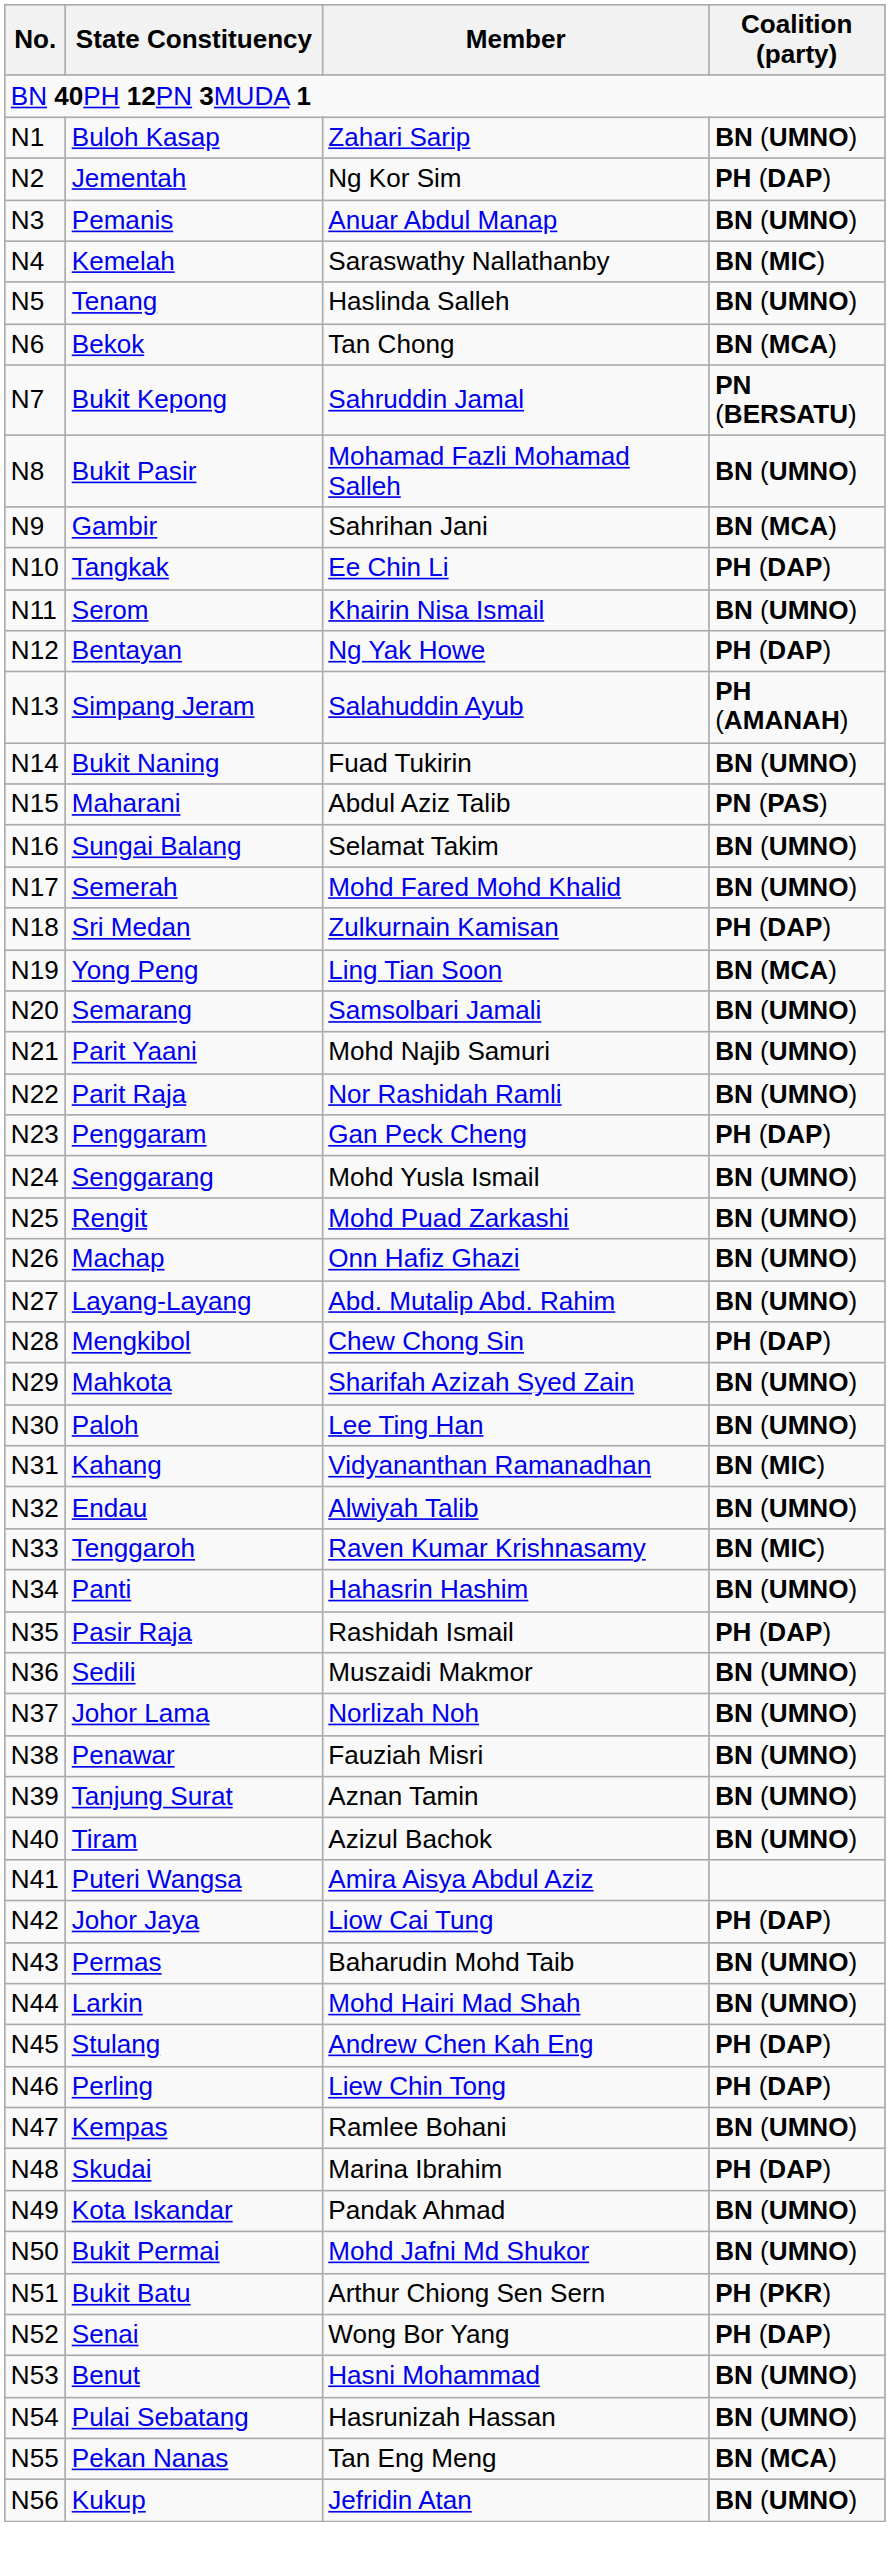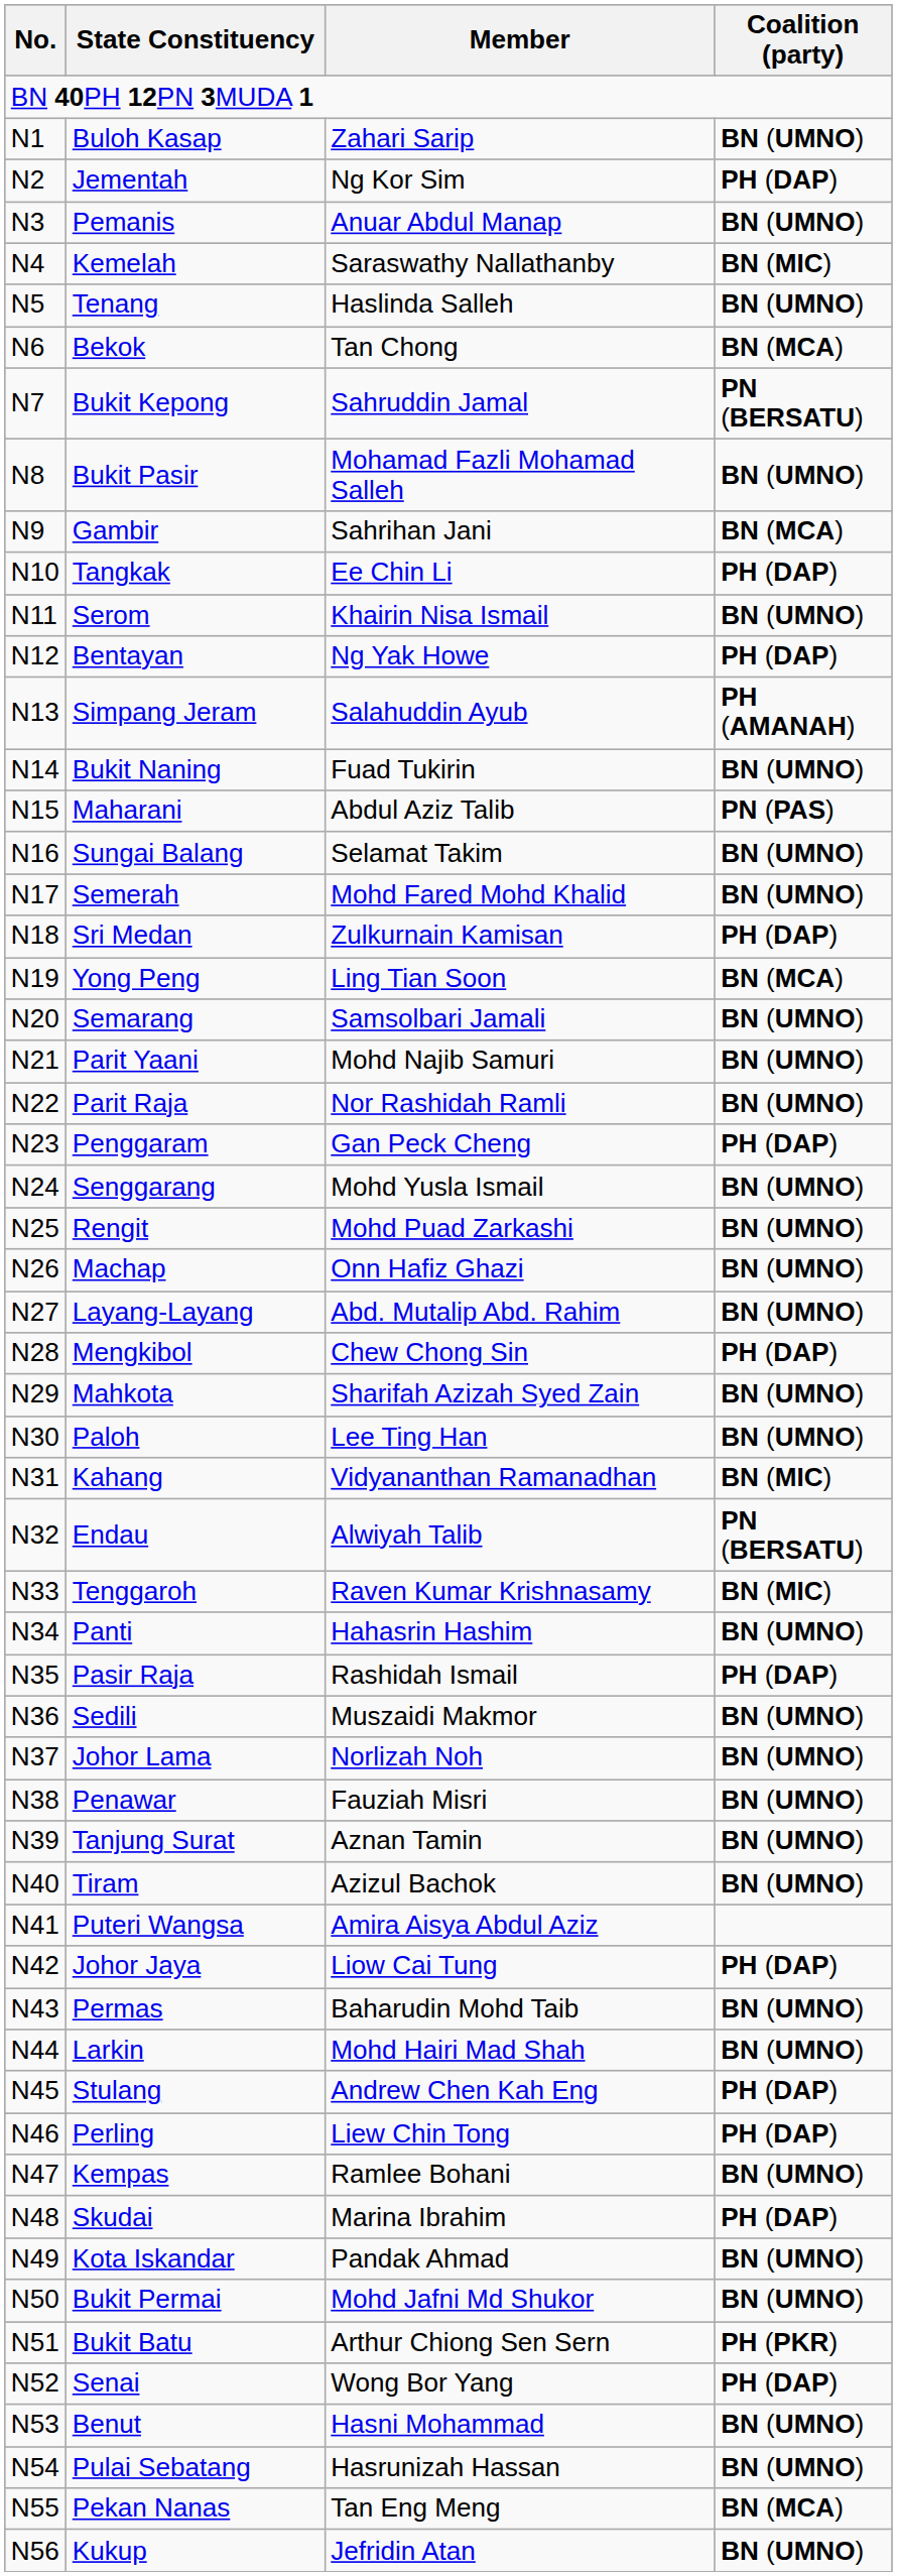 <table class="wikitable sortable">
 <tr>
 <th style="width:30px;">No.</th>
 <th style="width:150px;">State Constituency</th>
 <th style="width:230px;">Member</th>
 <th style="width:100px;">Coalition (party)</th>
 </tr>
 <tr>
 <td colspan="4"><a href='#'>BN</a> <strong>40</strong><a href='#'>PH</a> <strong>12</strong><a href='#'>PN</a> <strong>3</strong><a href='#'>MUDA</a> <strong>1</strong></td>
 </tr>
 <tr>
 <td>N1</td>
 <td><a href='#'>Buloh Kasap</a></td>
 <td><a href='#'>Zahari Sarip</a></td>
 <td style="background:"><strong>BN</strong> (<strong>UMNO</strong>)</td>
 </tr>
 <tr>
 <td>N2</td>
 <td><a href='#'>Jementah</a></td>
 <td>Ng Kor Sim</td>
 <td style="background:"><strong>PH</strong> (<strong>DAP</strong>)</td>
 </tr>
 <tr>
 <td>N3</td>
 <td><a href='#'>Pemanis</a></td>
 <td><a href='#'>Anuar Abdul Manap</a></td>
 <td style="background:"><strong>BN</strong> (<strong>UMNO</strong>)</td>
 </tr>
 <tr>
 <td>N4</td>
 <td><a href='#'>Kemelah</a></td>
 <td>Saraswathy Nallathanby</td>
 <td style="background:"><strong>BN</strong> (<strong>MIC</strong>)</td>
 </tr>
 <tr>
 <td>N5</td>
 <td><a href='#'>Tenang</a></td>
 <td>Haslinda Salleh</td>
 <td style="background:"><strong>BN</strong> (<strong>UMNO</strong>)</td>
 </tr>
 <tr>
 <td>N6</td>
 <td><a href='#'>Bekok</a></td>
 <td>Tan Chong</td>
 <td style="background:"><strong>BN</strong> (<strong>MCA</strong>)</td>
 </tr>
 <tr>
 <td>N7</td>
 <td><a href='#'>Bukit Kepong</a></td>
 <td><a href='#'>Sahruddin Jamal</a></td>
 <td style="background:"><strong>PN</strong> (<strong>BERSATU</strong>)</td>
 </tr>
 <tr>
 <td>N8</td>
 <td><a href='#'>Bukit Pasir</a></td>
 <td><a href='#'>Mohamad Fazli Mohamad Salleh</a></td>
 <td style="background:"><strong>BN</strong> (<strong>UMNO</strong>)</td>
 </tr>
 <tr>
 <td>N9</td>
 <td><a href='#'>Gambir</a></td>
 <td>Sahrihan Jani</td>
 <td style="background:"><strong>BN</strong> (<strong>MCA</strong>)</td>
 </tr>
 <tr>
 <td>N10</td>
 <td><a href='#'>Tangkak</a></td>
 <td><a href='#'>Ee Chin Li</a></td>
 <td style="background:"><strong>PH</strong> (<strong>DAP</strong>)</td>
 </tr>
 <tr>
 <td>N11</td>
 <td><a href='#'>Serom</a></td>
 <td><a href='#'>Khairin Nisa Ismail</a></td>
 <td style="background:"><strong>BN</strong> (<strong>UMNO</strong>)</td>
 </tr>
 <tr>
 <td>N12</td>
 <td><a href='#'>Bentayan</a></td>
 <td><a href='#'>Ng Yak Howe</a></td>
 <td style="background:"><strong>PH</strong> (<strong>DAP</strong>)</td>
 </tr>
 <tr>
 <td>N13</td>
 <td><a href='#'>Simpang Jeram</a></td>
 <td><a href='#'>Salahuddin Ayub</a></td>
 <td style="background:"><strong>PH</strong> (<strong>AMANAH</strong>)</td>
 </tr>
 <tr>
 <td>N14</td>
 <td><a href='#'>Bukit Naning</a></td>
 <td>Fuad Tukirin</td>
 <td style="background:"><strong>BN</strong> (<strong>UMNO</strong>)</td>
 </tr>
 <tr>
 <td>N15</td>
 <td><a href='#'>Maharani</a></td>
 <td>Abdul Aziz Talib</td>
 <td style="background:"><strong>PN</strong> (<strong>PAS</strong>)</td>
 </tr>
 <tr>
 <td>N16</td>
 <td><a href='#'>Sungai Balang</a></td>
 <td>Selamat Takim</td>
 <td style="background:"><strong>BN</strong> (<strong>UMNO</strong>)</td>
 </tr>
 <tr>
 <td>N17</td>
 <td><a href='#'>Semerah</a></td>
 <td><a href='#'>Mohd Fared Mohd Khalid</a></td>
 <td style="background:"><strong>BN</strong> (<strong>UMNO</strong>)</td>
 </tr>
 <tr>
 <td>N18</td>
 <td><a href='#'>Sri Medan</a></td>
 <td><a href='#'>Zulkurnain Kamisan</a></td>
 <td style="background:"><strong>PH</strong> (<strong>DAP</strong>)</td>
 </tr>
 <tr>
 <td>N19</td>
 <td><a href='#'>Yong Peng</a></td>
 <td><a href='#'>Ling Tian Soon</a></td>
 <td style="background:"><strong>BN</strong> (<strong>MCA</strong>)</td>
 </tr>
 <tr>
 <td>N20</td>
 <td><a href='#'>Semarang</a></td>
 <td><a href='#'>Samsolbari Jamali</a></td>
 <td style="background:"><strong>BN</strong> (<strong>UMNO</strong>)</td>
 </tr>
 <tr>
 <td>N21</td>
 <td><a href='#'>Parit Yaani</a></td>
 <td>Mohd Najib Samuri</td>
 <td style="background:"><strong>BN</strong> (<strong>UMNO</strong>)</td>
 </tr>
 <tr>
 <td>N22</td>
 <td><a href='#'>Parit Raja</a></td>
 <td><a href='#'>Nor Rashidah Ramli</a></td>
 <td style="background:"><strong>BN</strong> (<strong>UMNO</strong>)</td>
 </tr>
 <tr>
 <td>N23</td>
 <td><a href='#'>Penggaram</a></td>
 <td><a href='#'>Gan Peck Cheng</a></td>
 <td style="background:"><strong>PH</strong> (<strong>DAP</strong>)</td>
 </tr>
 <tr>
 <td>N24</td>
 <td><a href='#'>Senggarang</a></td>
 <td>Mohd Yusla Ismail</td>
 <td style="background:"><strong>BN</strong> (<strong>UMNO</strong>)</td>
 </tr>
 <tr>
 <td>N25</td>
 <td><a href='#'>Rengit</a></td>
 <td><a href='#'>Mohd Puad Zarkashi</a></td>
 <td style="background:"><strong>BN</strong> (<strong>UMNO</strong>)</td>
 </tr>
 <tr>
 <td>N26</td>
 <td><a href='#'>Machap</a></td>
 <td><a href='#'>Onn Hafiz Ghazi</a></td>
 <td style="background:"><strong>BN</strong> (<strong>UMNO</strong>)</td>
 </tr>
 <tr>
 <td>N27</td>
 <td><a href='#'>Layang-Layang</a></td>
 <td><a href='#'>Abd. Mutalip Abd. Rahim</a></td>
 <td style="background:"><strong>BN</strong> (<strong>UMNO</strong>)</td>
 </tr>
 <tr>
 <td>N28</td>
 <td><a href='#'>Mengkibol</a></td>
 <td><a href='#'>Chew Chong Sin</a></td>
 <td style="background:"><strong>PH</strong> (<strong>DAP</strong>)</td>
 </tr>
 <tr>
 <td>N29</td>
 <td><a href='#'>Mahkota</a></td>
 <td><a href='#'>Sharifah Azizah Syed Zain</a></td>
 <td style="background:"><strong>BN</strong> (<strong>UMNO</strong>)</td>
 </tr>
 <tr>
 <td>N30</td>
 <td><a href='#'>Paloh</a></td>
 <td><a href='#'>Lee Ting Han</a></td>
 <td style="background:"><strong>BN</strong> (<strong>UMNO</strong>)</td>
 </tr>
 <tr>
 <td>N31</td>
 <td><a href='#'>Kahang</a></td>
 <td><a href='#'>Vidyananthan Ramanadhan</a></td>
 <td style="background:"><strong>BN</strong> (<strong>MIC</strong>)</td>
 </tr>
 <tr>
 <td>N32</td>
 <td><a href='#'>Endau</a></td>
 <td><a href='#'>Alwiyah Talib</a></td>
-<td style="background:"><strong>BN</strong> (<strong>UMNO</strong>)</td>
+<td style="background:"><strong>PN</strong> (<strong>BERSATU</strong>)</td>
 </tr>
 <tr>
 <td>N33</td>
 <td><a href='#'>Tenggaroh</a></td>
 <td><a href='#'>Raven Kumar Krishnasamy</a></td>
 <td style="background:"><strong>BN</strong> (<strong>MIC</strong>)</td>
 </tr>
 <tr>
 <td>N34</td>
 <td><a href='#'>Panti</a></td>
 <td><a href='#'>Hahasrin Hashim</a></td>
 <td style="background:"><strong>BN</strong> (<strong>UMNO</strong>)</td>
 </tr>
 <tr>
 <td>N35</td>
 <td><a href='#'>Pasir Raja</a></td>
 <td>Rashidah Ismail</td>
 <td style="background:"><strong>PH</strong> (<strong>DAP</strong>)</td>
 </tr>
 <tr>
 <td>N36</td>
 <td><a href='#'>Sedili</a></td>
 <td>Muszaidi Makmor</td>
 <td style="background:"><strong>BN</strong> (<strong>UMNO</strong>)</td>
 </tr>
 <tr>
 <td>N37</td>
 <td><a href='#'>Johor Lama</a></td>
 <td><a href='#'>Norlizah Noh</a></td>
 <td style="background:"><strong>BN</strong> (<strong>UMNO</strong>)</td>
 </tr>
 <tr>
 <td>N38</td>
 <td><a href='#'>Penawar</a></td>
 <td>Fauziah Misri</td>
 <td style="background:"><strong>BN</strong> (<strong>UMNO</strong>)</td>
 </tr>
 <tr>
 <td>N39</td>
 <td><a href='#'>Tanjung Surat</a></td>
 <td>Aznan Tamin</td>
 <td style="background:"><strong>BN</strong> (<strong>UMNO</strong>)</td>
 </tr>
 <tr>
 <td>N40</td>
 <td><a href='#'>Tiram</a></td>
 <td>Azizul Bachok</td>
 <td style="background:"><strong>BN</strong> (<strong>UMNO</strong>)</td>
 </tr>
 <tr>
 <td>N41</td>
 <td><a href='#'>Puteri Wangsa</a></td>
 <td><a href='#'>Amira Aisya Abdul Aziz</a></td>
 <td style="background:"></td>
 </tr>
 <tr>
 <td>N42</td>
 <td><a href='#'>Johor Jaya</a></td>
 <td><a href='#'>Liow Cai Tung</a></td>
 <td style="background:"><strong>PH</strong> (<strong>DAP</strong>)</td>
 </tr>
 <tr>
 <td>N43</td>
 <td><a href='#'>Permas</a></td>
 <td>Baharudin Mohd Taib</td>
 <td style="background:"><strong>BN</strong> (<strong>UMNO</strong>)</td>
 </tr>
 <tr>
 <td>N44</td>
 <td><a href='#'>Larkin</a></td>
 <td><a href='#'>Mohd Hairi Mad Shah</a></td>
 <td style="background:"><strong>BN</strong> (<strong>UMNO</strong>)</td>
 </tr>
 <tr>
 <td>N45</td>
 <td><a href='#'>Stulang</a></td>
 <td><a href='#'>Andrew Chen Kah Eng</a></td>
 <td style="background:"><strong>PH</strong> (<strong>DAP</strong>)</td>
 </tr>
 <tr>
 <td>N46</td>
 <td><a href='#'>Perling</a></td>
 <td><a href='#'>Liew Chin Tong</a></td>
 <td style="background:"><strong>PH</strong> (<strong>DAP</strong>)</td>
 </tr>
 <tr>
 <td>N47</td>
 <td><a href='#'>Kempas</a></td>
 <td>Ramlee Bohani</td>
 <td style="background:"><strong>BN</strong> (<strong>UMNO</strong>)</td>
 </tr>
 <tr>
 <td>N48</td>
 <td><a href='#'>Skudai</a></td>
 <td>Marina Ibrahim</td>
 <td style="background:"><strong>PH</strong> (<strong>DAP</strong>)</td>
 </tr>
 <tr>
 <td>N49</td>
 <td><a href='#'>Kota Iskandar</a></td>
 <td>Pandak Ahmad</td>
 <td style="background:"><strong>BN</strong> (<strong>UMNO</strong>)</td>
 </tr>
 <tr>
 <td>N50</td>
 <td><a href='#'>Bukit Permai</a></td>
 <td><a href='#'>Mohd Jafni Md Shukor</a></td>
 <td style="background:"><strong>BN</strong> (<strong>UMNO</strong>)</td>
 </tr>
 <tr>
 <td>N51</td>
 <td><a href='#'>Bukit Batu</a></td>
 <td>Arthur Chiong Sen Sern</td>
 <td style="background:"><strong>PH</strong> (<strong>PKR</strong>)</td>
 </tr>
 <tr>
 <td>N52</td>
 <td><a href='#'>Senai</a></td>
 <td>Wong Bor Yang</td>
 <td style="background:"><strong>PH</strong> (<strong>DAP</strong>)</td>
 </tr>
 <tr>
 <td>N53</td>
 <td><a href='#'>Benut</a></td>
 <td><a href='#'>Hasni Mohammad</a></td>
 <td style="background:"><strong>BN</strong> (<strong>UMNO</strong>)</td>
 </tr>
 <tr>
 <td>N54</td>
 <td><a href='#'>Pulai Sebatang</a></td>
 <td>Hasrunizah Hassan</td>
 <td style="background:"><strong>BN</strong> (<strong>UMNO</strong>)</td>
 </tr>
 <tr>
 <td>N55</td>
 <td><a href='#'>Pekan Nanas</a></td>
 <td>Tan Eng Meng</td>
 <td style="background:"><strong>BN</strong> (<strong>MCA</strong>)</td>
 </tr>
 <tr>
 <td>N56</td>
 <td><a href='#'>Kukup</a></td>
 <td><a href='#'>Jefridin Atan</a></td>
 <td style="background:"><strong>BN</strong> (<strong>UMNO</strong>)</td>
 </tr>
 </table>
